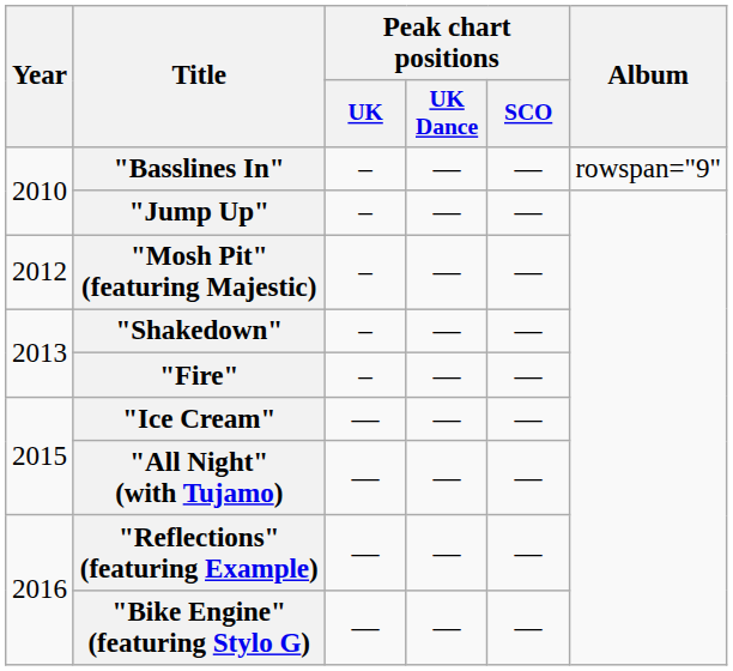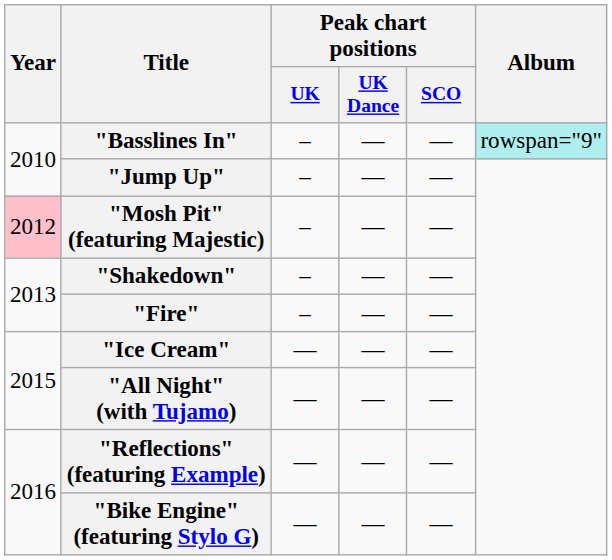 <table class="wikitable sortable plainrowheaders" style="text-align:center;">
 <tr>
 <th scope="col" rowspan="2">Year</th>
 <th scope="col" rowspan="2">Title</th>
 <th scope="col" colspan="3">Peak chart positions</th>
 <th scope="col" rowspan="2">Album</th>
 </tr>
 <tr>
 <th scope="col" style="width:3em;font-size:85%;"><a href='#'>UK</a></th>
 <th scope="col" style="width:3em;font-size:85%;"><a href='#'>UK<br>Dance</a></th>
 <th scope="col" style="width:3em;font-size:85%;"><a href='#'>SCO</a></th>
 </tr>
 <tr>
 <td rowspan="2">2010</td>
 <th scope="row">"Basslines In"</th>
 <td>–</td>
 <td>—</td>
 <td>—</td>
-<td>rowspan="9" </td>
+<td style="background: paleturquoise;">rowspan="9" </td>
 </tr>
 <tr>
 <th scope="row">"Jump Up"</th>
 <td>–</td>
 <td>—</td>
 <td>—</td>
 </tr>
 <tr>
-<td>2012</td>
+<td style="background: pink;">2012</td>
 <th scope="row">"Mosh Pit"<br><span>(featuring Majestic)</span></th>
 <td>–</td>
 <td>—</td>
 <td>—</td>
 </tr>
 <tr>
 <td rowspan="2">2013</td>
 <th scope="row">"Shakedown"</th>
 <td>–</td>
 <td>—</td>
 <td>—</td>
 </tr>
 <tr>
 <th scope="row">"Fire"</th>
 <td>–</td>
 <td>—</td>
 <td>—</td>
 </tr>
 <tr>
 <td rowspan="2">2015</td>
 <th scope="row">"Ice Cream"</th>
 <td>—</td>
 <td>—</td>
 <td>—</td>
 </tr>
 <tr>
 <th scope="row">"All Night"<br><span>(with <a href='#'>Tujamo</a>)</span></th>
 <td>—</td>
 <td>—</td>
 <td>—</td>
 </tr>
 <tr>
 <td rowspan="2">2016</td>
 <th scope="row">"Reflections"<br><span>(featuring <a href='#'>Example</a>)</span></th>
 <td>—</td>
 <td>—</td>
 <td>—</td>
 </tr>
 <tr>
 <th scope="row">"Bike Engine"<br><span>(featuring <a href='#'>Stylo G</a>)</span></th>
 <td>—</td>
 <td>—</td>
 <td>—</td>
 </tr>
 </table>
